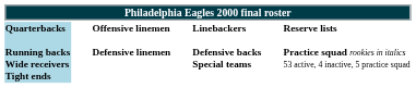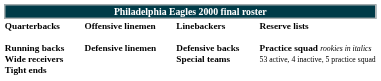 <table class="toccolours" style="text-align: left;">
 <tr>
 <th colspan="9" style="background:#003b48; border:2px solid silver; color:white; text-align:center;"><strong>Philadelphia Eagles 2000 final roster</strong></th>
 </tr>
 <tr>
-<td style="background: lightblue; font-size:95%; vertical-align:top;"><strong>Quarterbacks</strong><br>  <br><strong>Running backs</strong>      <br><strong>Wide receivers</strong>      <br><strong>Tight ends</strong>   </td>
+<td style="font-size:95%; vertical-align:top;"><strong>Quarterbacks</strong><br>  <br><strong>Running backs</strong>      <br><strong>Wide receivers</strong>      <br><strong>Tight ends</strong>   </td>
 <td style="width: 25px;"></td>
 <td style="font-size:95%; vertical-align:top;"><strong>Offensive linemen</strong><br>        <br><strong>Defensive linemen</strong>        </td>
 <td style="width: 25px;"></td>
 <td style="font-size:95%; vertical-align:top;"><strong>Linebackers </strong><br>     <br><strong>Defensive backs</strong>         <br><strong>Special teams</strong>   </td>
 <td style="width: 25px;"></td>
 <td style="font-size:95%; vertical-align:top;"><strong>Reserve lists</strong><br>   <br><strong>Practice squad</strong>      <small><em>rookies in italics</em></small><br> <small>53 active, 4 inactive, 5 practice squad</small></td>
 </tr>
 <tr>
 </tr>
 </table>
